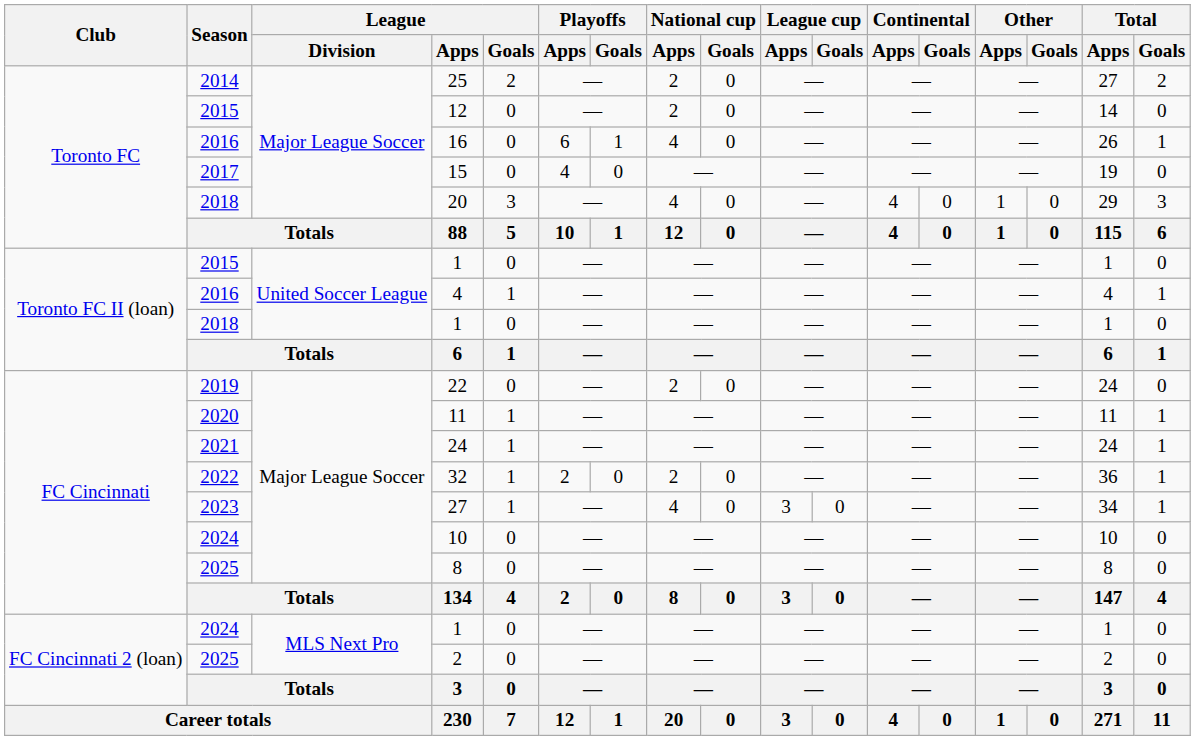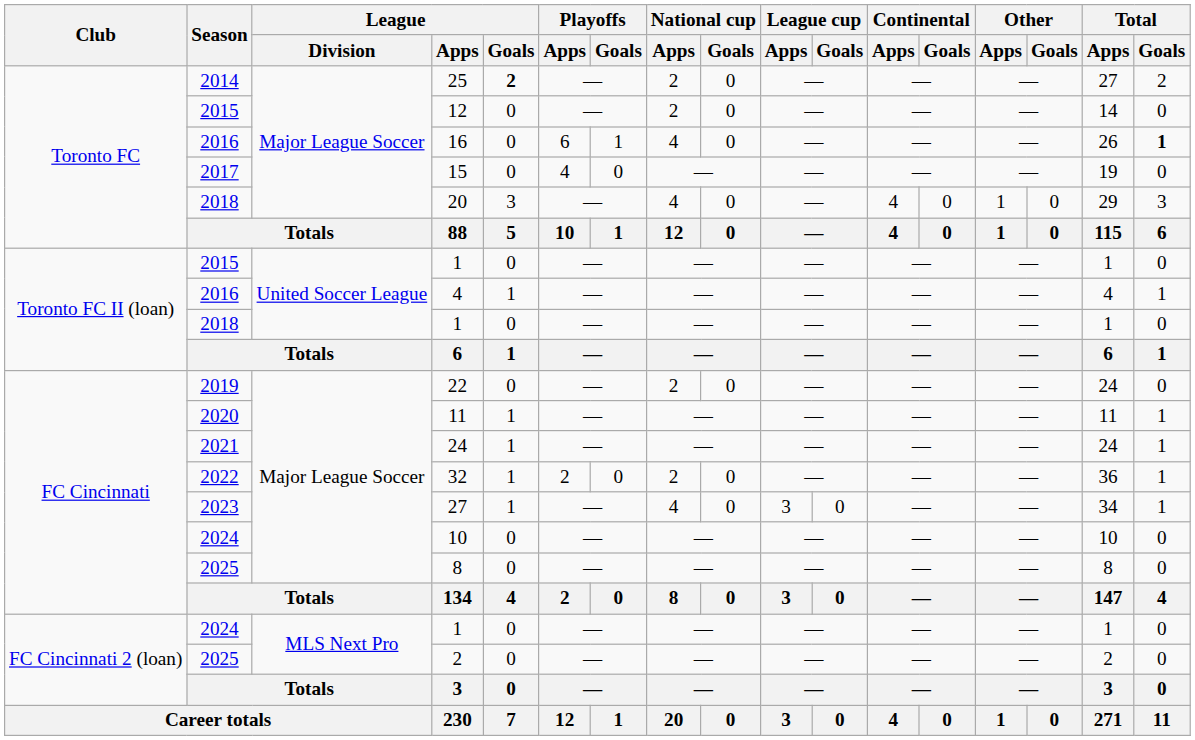 <table class="wikitable" Style="text-align: center">
 <tr>
 <th rowspan="2">Club</th>
 <th rowspan="2">Season</th>
 <th colspan="3">League</th>
 <th colspan="2">Playoffs</th>
 <th colspan="2">National cup</th>
 <th colspan="2">League cup</th>
 <th colspan="2">Continental</th>
 <th colspan="2">Other</th>
 <th colspan="2">Total</th>
 </tr>
 <tr>
 <th>Division</th>
 <th>Apps</th>
 <th>Goals</th>
 <th>Apps</th>
 <th>Goals</th>
 <th>Apps</th>
 <th>Goals</th>
 <th>Apps</th>
 <th>Goals</th>
 <th>Apps</th>
 <th>Goals</th>
 <th>Apps</th>
 <th>Goals</th>
 <th>Apps</th>
 <th>Goals</th>
 </tr>
 <tr>
 <td rowspan="6"><a href='#'>Toronto FC</a></td>
 <td><a href='#'>2014</a></td>
 <td rowspan="5"><a href='#'>Major League Soccer</a></td>
 <td>25</td>
-<td>2</td>
+<td><strong>2</strong></td>
 <td colspan="2">—</td>
 <td>2</td>
 <td>0</td>
 <td colspan="2">—</td>
 <td colspan="2">—</td>
 <td colspan="2">—</td>
 <td>27</td>
 <td>2</td>
 </tr>
 <tr>
 <td><a href='#'>2015</a></td>
 <td>12</td>
 <td>0</td>
 <td colspan="2">—</td>
 <td>2</td>
 <td>0</td>
 <td colspan="2">—</td>
 <td colspan="2">—</td>
 <td colspan="2">—</td>
 <td>14</td>
 <td>0</td>
 </tr>
 <tr>
 <td><a href='#'>2016</a></td>
 <td>16</td>
 <td>0</td>
 <td>6</td>
 <td>1</td>
 <td>4</td>
 <td>0</td>
 <td colspan="2">—</td>
 <td colspan="2">—</td>
 <td colspan="2">—</td>
 <td>26</td>
-<td>1</td>
+<td><strong>1</strong></td>
 </tr>
 <tr>
 <td><a href='#'>2017</a></td>
 <td>15</td>
 <td>0</td>
 <td>4</td>
 <td>0</td>
 <td colspan="2">—</td>
 <td colspan="2">—</td>
 <td colspan="2">—</td>
 <td colspan="2">—</td>
 <td>19</td>
 <td>0</td>
 </tr>
 <tr>
 <td><a href='#'>2018</a></td>
 <td>20</td>
 <td>3</td>
 <td colspan="2">—</td>
 <td>4</td>
 <td>0</td>
 <td colspan="2">—</td>
 <td>4</td>
 <td>0</td>
 <td>1</td>
 <td>0</td>
 <td>29</td>
 <td>3</td>
 </tr>
 <tr>
 <th colspan="2">Totals</th>
 <th>88</th>
 <th>5</th>
 <th>10</th>
 <th>1</th>
 <th>12</th>
 <th>0</th>
 <th colspan="2">—</th>
 <th>4</th>
 <th>0</th>
 <th>1</th>
 <th>0</th>
 <th>115</th>
 <th>6</th>
 </tr>
 <tr>
 <td rowspan="4"><a href='#'>Toronto FC II</a> (loan)</td>
 <td><a href='#'>2015</a></td>
 <td rowspan="3"><a href='#'>United Soccer League</a></td>
 <td>1</td>
 <td>0</td>
 <td colspan="2">—</td>
 <td colspan="2">—</td>
 <td colspan="2">—</td>
 <td colspan="2">—</td>
 <td colspan="2">—</td>
 <td>1</td>
 <td>0</td>
 </tr>
 <tr>
 <td><a href='#'>2016</a></td>
 <td>4</td>
 <td>1</td>
 <td colspan="2">—</td>
 <td colspan="2">—</td>
 <td colspan="2">—</td>
 <td colspan="2">—</td>
 <td colspan="2">—</td>
 <td>4</td>
 <td>1</td>
 </tr>
 <tr>
 <td><a href='#'>2018</a></td>
 <td>1</td>
 <td>0</td>
 <td colspan="2">—</td>
 <td colspan="2">—</td>
 <td colspan="2">—</td>
 <td colspan="2">—</td>
 <td colspan="2">—</td>
 <td>1</td>
 <td>0</td>
 </tr>
 <tr>
 <th colspan="2">Totals</th>
 <th>6</th>
 <th>1</th>
 <th colspan="2">—</th>
 <th colspan="2">—</th>
 <th colspan="2">—</th>
 <th colspan="2">—</th>
 <th colspan="2">—</th>
 <th>6</th>
 <th>1</th>
 </tr>
 <tr>
 <td rowspan="8"><a href='#'>FC Cincinnati</a></td>
 <td><a href='#'>2019</a></td>
 <td rowspan="7">Major League Soccer</td>
 <td>22</td>
 <td>0</td>
 <td colspan="2">—</td>
 <td>2</td>
 <td>0</td>
 <td colspan="2">—</td>
 <td colspan="2">—</td>
 <td colspan="2">—</td>
 <td>24</td>
 <td>0</td>
 </tr>
 <tr>
 <td><a href='#'>2020</a></td>
 <td>11</td>
 <td>1</td>
 <td colspan="2">—</td>
 <td colspan="2">—</td>
 <td colspan="2">—</td>
 <td colspan="2">—</td>
 <td colspan="2">—</td>
 <td>11</td>
 <td>1</td>
 </tr>
 <tr>
 <td><a href='#'>2021</a></td>
 <td>24</td>
 <td>1</td>
 <td colspan="2">—</td>
 <td colspan="2">—</td>
 <td colspan="2">—</td>
 <td colspan="2">—</td>
 <td colspan="2">—</td>
 <td>24</td>
 <td>1</td>
 </tr>
 <tr>
 <td><a href='#'>2022</a></td>
 <td>32</td>
 <td>1</td>
 <td>2</td>
 <td>0</td>
 <td>2</td>
 <td>0</td>
 <td colspan="2">—</td>
 <td colspan="2">—</td>
 <td colspan="2">—</td>
 <td>36</td>
 <td>1</td>
 </tr>
 <tr>
 <td><a href='#'>2023</a></td>
 <td>27</td>
 <td>1</td>
 <td colspan="2">—</td>
 <td>4</td>
 <td>0</td>
 <td>3</td>
 <td>0</td>
 <td colspan="2">—</td>
 <td colspan="2">—</td>
 <td>34</td>
 <td>1</td>
 </tr>
 <tr>
 <td><a href='#'>2024</a></td>
 <td>10</td>
 <td>0</td>
 <td colspan="2">—</td>
 <td colspan="2">—</td>
 <td colspan="2">—</td>
 <td colspan="2">—</td>
 <td colspan="2">—</td>
 <td>10</td>
 <td>0</td>
 </tr>
 <tr>
 <td><a href='#'>2025</a></td>
 <td>8</td>
 <td>0</td>
 <td colspan="2">—</td>
 <td colspan="2">—</td>
 <td colspan="2">—</td>
 <td colspan="2">—</td>
 <td colspan="2">—</td>
 <td>8</td>
 <td>0</td>
 </tr>
 <tr>
 <th colspan="2">Totals</th>
 <th>134</th>
 <th>4</th>
 <th>2</th>
 <th>0</th>
 <th>8</th>
 <th>0</th>
 <th>3</th>
 <th>0</th>
 <th colspan="2">—</th>
 <th colspan="2">—</th>
 <th>147</th>
 <th>4</th>
 </tr>
 <tr>
 <td rowspan="3"><a href='#'>FC Cincinnati 2</a>  (loan)</td>
 <td><a href='#'>2024</a></td>
 <td rowspan="2"><a href='#'>MLS Next Pro</a></td>
 <td>1</td>
 <td>0</td>
 <td colspan="2">—</td>
 <td colspan="2">—</td>
 <td colspan="2">—</td>
 <td colspan="2">—</td>
 <td colspan="2">—</td>
 <td>1</td>
 <td>0</td>
 </tr>
 <tr>
 <td><a href='#'>2025</a></td>
 <td>2</td>
 <td>0</td>
 <td colspan="2">—</td>
 <td colspan="2">—</td>
 <td colspan="2">—</td>
 <td colspan="2">—</td>
 <td colspan="2">—</td>
 <td>2</td>
 <td>0</td>
 </tr>
 <tr>
 <th colspan="2">Totals</th>
 <th>3</th>
 <th>0</th>
 <th colspan="2">—</th>
 <th colspan="2">—</th>
 <th colspan="2">—</th>
 <th colspan="2">—</th>
 <th colspan="2">—</th>
 <th>3</th>
 <th>0</th>
 </tr>
 <tr>
 <th colspan="3">Career totals</th>
 <th>230</th>
 <th>7</th>
 <th>12</th>
 <th>1</th>
 <th>20</th>
 <th>0</th>
 <th>3</th>
 <th>0</th>
 <th>4</th>
 <th>0</th>
 <th>1</th>
 <th>0</th>
 <th>271</th>
 <th>11</th>
 </tr>
 </table>
